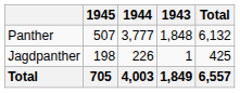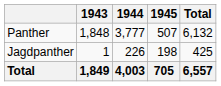 <table class="wikitable" style="text-align: right">
 <tr>
 <th></th>
+<th>1943</th>
+<th>1944</th>
 <th>1945</th>
-<th>1944</th>
-<th>1943</th>
 <th>Total</th>
 </tr>
 <tr>
 <td style="text-align:left;">Panther</td>
+<td>1,848</td>
+<td>3,777</td>
 <td>507</td>
-<td>3,777</td>
-<td>1,848</td>
 <td>6,132</td>
 </tr>
 <tr>
 <td style="text-align:left;">Jagdpanther</td>
+<td>1</td>
+<td>226</td>
 <td>198</td>
-<td>226</td>
-<td>1</td>
 <td>425</td>
 </tr>
 <tr>
 <th style="text-align:left;">Total</th>
+<th>1,849</th>
+<th>4,003</th>
 <th>705</th>
-<th>4,003</th>
-<th>1,849</th>
 <th>6,557</th>
 </tr>
 </table>
